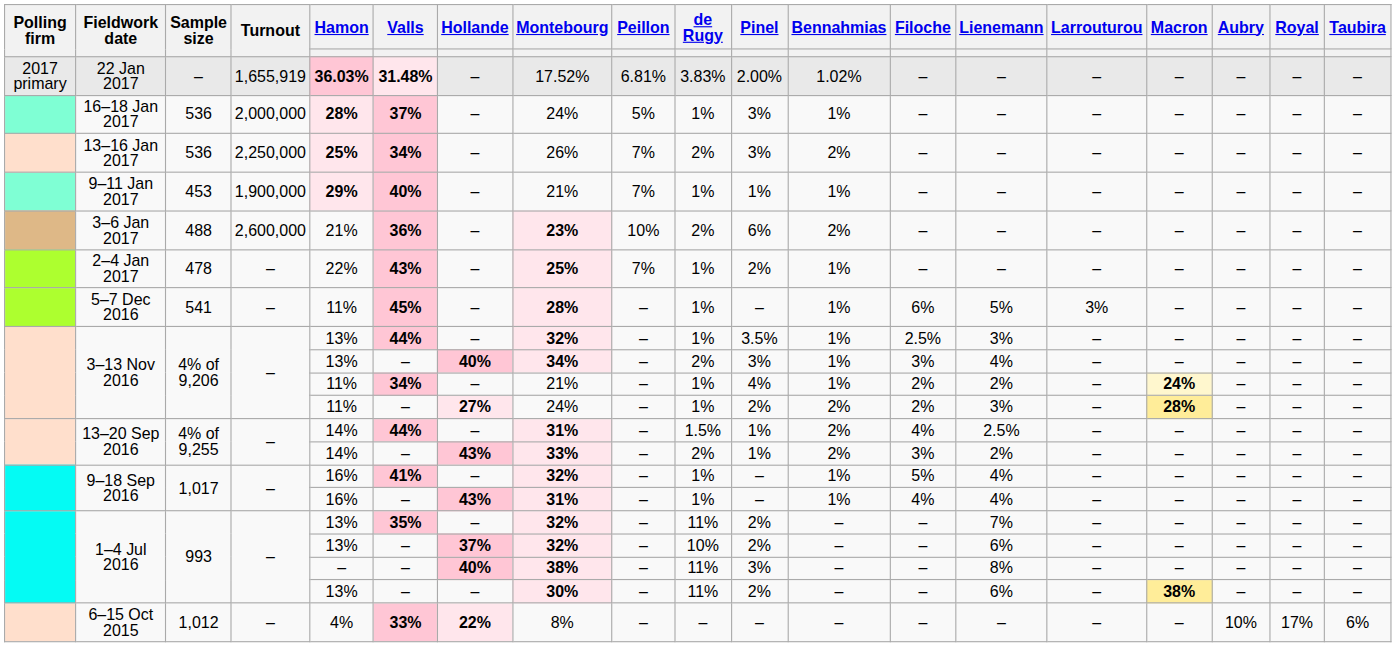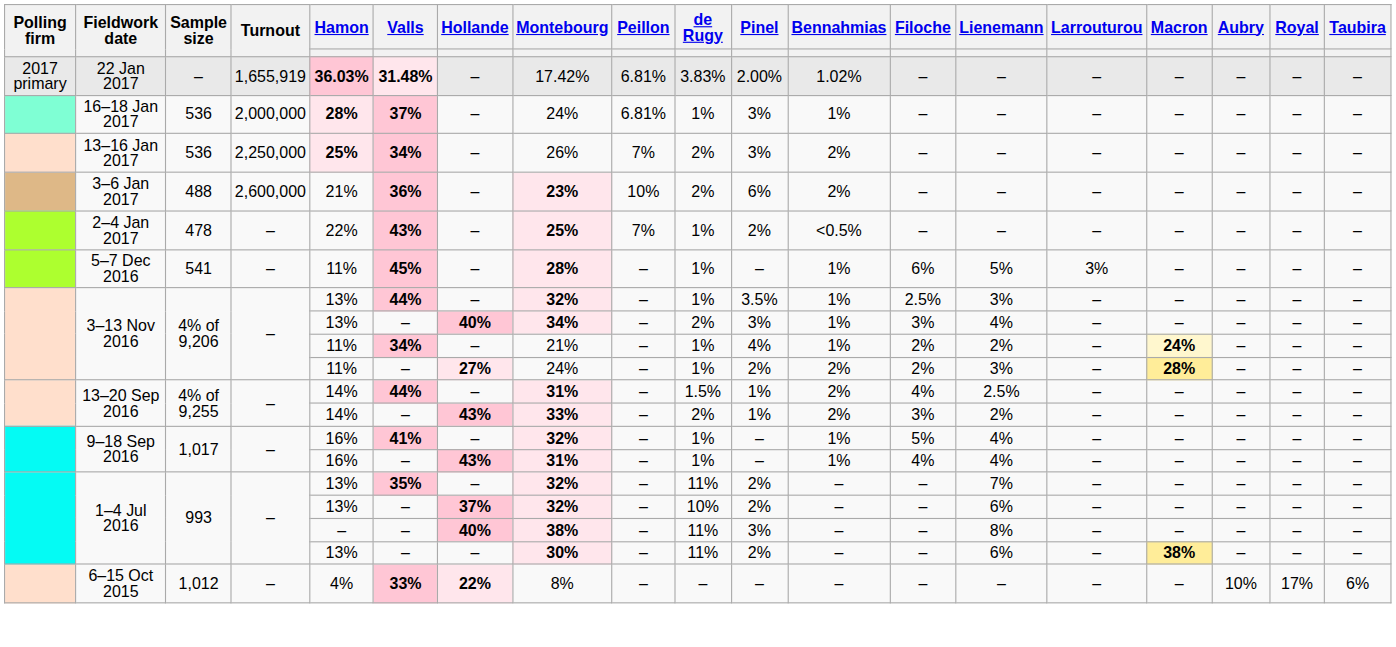 <table class="wikitable sortable" style="text-align:center;font-size:90%;line-height:14px;">
 <tr style="height:40px;">
 <th style="width:100px;" rowspan="2">Polling firm</th>
 <th style="width:110px;" rowspan="2">Fieldwork date</th>
 <th style="width:55px;" rowspan="2">Sample<br>size</th>
 <th style="width:40px;" rowspan="2">Turnout</th>
 <th class="unsortable" style="width:60px;"><a href='#'>Hamon</a><br></th>
 <th class="unsortable" style="width:60px;"><a href='#'>Valls</a><br></th>
 <th class="unsortable" style="width:60px;"><a href='#'>Hollande</a><br></th>
 <th class="unsortable" style="width:60px;"><a href='#'>Montebourg</a><br></th>
 <th class="unsortable" style="width:60px;"><a href='#'>Peillon</a><br></th>
 <th class="unsortable" style="width:60px;"><a href='#'>de Rugy</a><br></th>
 <th class="unsortable" style="width:60px;"><a href='#'>Pinel</a><br></th>
 <th class="unsortable" style="width:60px;"><a href='#'>Bennahmias</a><br></th>
 <th class="unsortable" style="width:60px;"><a href='#'>Filoche</a><br></th>
 <th class="unsortable" style="width:60px;"><a href='#'>Lienemann</a><br></th>
 <th class="unsortable" style="width:60px;"><a href='#'>Larrouturou</a><br></th>
 <th class="unsortable" style="width:60px;"><a href='#'>Macron</a><br></th>
 <th class="unsortable" style="width:60px;"><a href='#'>Aubry</a><br></th>
 <th class="unsortable" style="width:60px;"><a href='#'>Royal</a><br></th>
 <th class="unsortable" style="width:60px;"><a href='#'>Taubira</a><br></th>
 </tr>
 <tr>
 <th style="background:"></th>
 <th style="background:"></th>
 <th style="background:"></th>
 <th style="background:"></th>
 <th style="background:"></th>
 <th style="background:"></th>
 <th style="background:"></th>
 <th style="background:"></th>
 <th style="background:"></th>
 <th style="background:"></th>
 <th style="background:"></th>
 <th style="background:"></th>
 <th style="background:"></th>
 <th style="background:"></th>
 <th style="background:"></th>
 </tr>
 <tr style="background:#E9E9E9;">
 <td>2017 primary</td>
 <td data-sort-value="2017-01-22">22 Jan 2017</td>
 <td>–</td>
 <td>1,655,919</td>
 <td style="background:#FFC6D5;"><strong>36.03%</strong></td>
 <td style="background:#FFE6EC;"><strong>31.48%</strong></td>
 <td>–</td>
-<td>17.52%</td>
+<td>17.42%</td>
 <td>6.81%</td>
 <td>3.83%</td>
 <td>2.00%</td>
 <td>1.02%</td>
 <td>–</td>
 <td>–</td>
 <td>–</td>
 <td>–</td>
 <td>–</td>
 <td>–</td>
 <td>–</td>
 </tr>
 <tr>
 <td style="background:aquamarine;"></td>
 <td data-sort-value="2017-01-18">16–18 Jan 2017</td>
 <td>536</td>
 <td>2,000,000</td>
 <td style="background:#FFE6EC;"><strong>28%</strong></td>
 <td style="background:#FFC6D5;"><strong>37%</strong></td>
 <td>–</td>
 <td>24%</td>
-<td>5%</td>
+<td>6.81%</td>
 <td>1%</td>
 <td>3%</td>
 <td>1%</td>
 <td>–</td>
 <td>–</td>
 <td>–</td>
 <td>–</td>
 <td>–</td>
 <td>–</td>
 <td>–</td>
 </tr>
 <tr>
 <td style="background:#FFDFCC;"></td>
 <td data-sort-value="2017-01-16">13–16 Jan 2017</td>
 <td>536</td>
 <td>2,250,000</td>
 <td style="background:#FFE6EC;"><strong>25%</strong></td>
 <td style="background:#FFC6D5;"><strong>34%</strong></td>
 <td>–</td>
 <td>26%</td>
 <td>7%</td>
 <td>2%</td>
 <td>3%</td>
 <td>2%</td>
-<td>–</td>
-<td>–</td>
-<td>–</td>
-<td>–</td>
-<td>–</td>
-<td>–</td>
-<td>–</td>
-</tr>
-<tr>
-<td style="background:aquamarine;"></td>
-<td data-sort-value="2017-01-11">9–11 Jan 2017</td>
-<td>453</td>
-<td>1,900,000</td>
-<td style="background:#FFE6EC;"><strong>29%</strong></td>
-<td style="background:#FFC6D5;"><strong>40%</strong></td>
-<td>–</td>
-<td>21%</td>
-<td>7%</td>
-<td>1%</td>
-<td>1%</td>
-<td>1%</td>
 <td>–</td>
 <td>–</td>
 <td>–</td>
 <td>–</td>
 <td>–</td>
 <td>–</td>
 <td>–</td>
 </tr>
 <tr>
 <td style="background:burlywood;"></td>
 <td data-sort-value="2017-01-06">3–6 Jan 2017</td>
 <td>488</td>
 <td>2,600,000</td>
 <td>21%</td>
 <td style="background:#FFC6D5;"><strong>36%</strong></td>
 <td>–</td>
 <td style="background:#FFE6EC;"><strong>23%</strong></td>
 <td>10%</td>
 <td>2%</td>
 <td>6%</td>
 <td>2%</td>
 <td>–</td>
 <td>–</td>
 <td>–</td>
 <td>–</td>
 <td>–</td>
 <td>–</td>
 <td>–</td>
 </tr>
 <tr>
 <td style="background:GreenYellow;"> </td>
 <td data-sort-value="2017-01-04">2–4 Jan 2017</td>
 <td>478</td>
 <td>–</td>
 <td>22%</td>
 <td style="background:#FFC6D5;"><strong>43%</strong></td>
 <td>–</td>
 <td style="background:#FFE6EC;"><strong>25%</strong></td>
 <td>7%</td>
 <td>1%</td>
 <td>2%</td>
-<td>1%</td>
+<td data-sort-value="0%"><0.5%</td>
 <td>–</td>
 <td>–</td>
 <td>–</td>
 <td>–</td>
 <td>–</td>
 <td>–</td>
 <td>–</td>
 </tr>
 <tr>
 <td style="background:GreenYellow;"></td>
 <td data-sort-value="2016-12-07">5–7 Dec 2016</td>
 <td>541</td>
 <td>–</td>
 <td>11%</td>
 <td style="background:#FFC6D5;"><strong>45%</strong></td>
 <td>–</td>
 <td style="background:#FFE6EC;"><strong>28%</strong></td>
 <td>–</td>
 <td>1%</td>
 <td>–</td>
 <td>1%</td>
 <td>6%</td>
 <td>5%</td>
 <td>3%</td>
 <td>–</td>
 <td>–</td>
 <td>–</td>
 <td>–</td>
 </tr>
 <tr>
 <td rowspan="4" style="background:#FFDFCC;"></td>
 <td rowspan="4" data-sort-value="2016-11-13">3–13 Nov 2016</td>
 <td rowspan="4" data-sort-value="368">4% of 9,206</td>
 <td rowspan="4">–</td>
 <td>13%</td>
 <td style="background:#FFC6D5;"><strong>44%</strong></td>
 <td>–</td>
 <td style="background:#FFE6EC;"><strong>32%</strong></td>
 <td>–</td>
 <td>1%</td>
 <td>3.5%</td>
 <td>1%</td>
 <td>2.5%</td>
 <td>3%</td>
 <td>–</td>
 <td>–</td>
 <td>–</td>
 <td>–</td>
 <td>–</td>
 </tr>
 <tr>
 <td>13%</td>
 <td>–</td>
 <td style="background:#FFC6D5;"><strong>40%</strong></td>
 <td style="background:#FFE6EC;"><strong>34%</strong></td>
 <td>–</td>
 <td>2%</td>
 <td>3%</td>
 <td>1%</td>
 <td>3%</td>
 <td>4%</td>
 <td>–</td>
 <td>–</td>
 <td>–</td>
 <td>–</td>
 <td>–</td>
 </tr>
 <tr>
 <td>11%</td>
 <td style="background:#FFC6D5;"><strong>34%</strong></td>
 <td>–</td>
 <td>21%</td>
 <td>–</td>
 <td>1%</td>
 <td>4%</td>
 <td>1%</td>
 <td>2%</td>
 <td>2%</td>
 <td>–</td>
 <td style="background:#FFF7CE;"><strong>24%</strong></td>
 <td>–</td>
 <td>–</td>
 <td>–</td>
 </tr>
 <tr>
 <td>11%</td>
 <td>–</td>
 <td style="background:#FFE6EC;"><strong>27%</strong></td>
 <td>24%</td>
 <td>–</td>
 <td>1%</td>
 <td>2%</td>
 <td>2%</td>
 <td>2%</td>
 <td>3%</td>
 <td>–</td>
 <td style="background:#FFED99;"><strong>28%</strong></td>
 <td>–</td>
 <td>–</td>
 <td>–</td>
 </tr>
 <tr>
 <td rowspan="2" style="background:#FFDFCC;"></td>
 <td rowspan="2" data-sort-value="2016-09-20">13–20 Sep 2016</td>
 <td rowspan="2" data-sort-value="370">4% of 9,255</td>
 <td rowspan="2">–</td>
 <td>14%</td>
 <td style="background:#FFC6D5;"><strong>44%</strong></td>
 <td>–</td>
 <td style="background:#FFE6EC;"><strong>31%</strong></td>
 <td>–</td>
 <td>1.5%</td>
 <td>1%</td>
 <td>2%</td>
 <td>4%</td>
 <td>2.5%</td>
 <td>–</td>
 <td>–</td>
 <td>–</td>
 <td>–</td>
 <td>–</td>
 </tr>
 <tr>
 <td>14%</td>
 <td>–</td>
 <td style="background:#FFC6D5;"><strong>43%</strong></td>
 <td style="background:#FFE6EC;"><strong>33%</strong></td>
 <td>–</td>
 <td>2%</td>
 <td>1%</td>
 <td>2%</td>
 <td>3%</td>
 <td>2%</td>
 <td>–</td>
 <td>–</td>
 <td>–</td>
 <td>–</td>
 <td>–</td>
 </tr>
 <tr>
 <td rowspan="2" style="background:#04FBF4;"></td>
 <td rowspan="2" data-sort-value="2016-09-18">9–18 Sep 2016</td>
 <td rowspan="2">1,017</td>
 <td rowspan="2">–</td>
 <td>16%</td>
 <td style="background:#FFC6D5;"><strong>41%</strong></td>
 <td>–</td>
 <td style="background:#FFE6EC;"><strong>32%</strong></td>
 <td>–</td>
 <td>1%</td>
 <td>–</td>
 <td>1%</td>
 <td>5%</td>
 <td>4%</td>
 <td>–</td>
 <td>–</td>
 <td>–</td>
 <td>–</td>
 <td>–</td>
 </tr>
 <tr>
 <td>16%</td>
 <td>–</td>
 <td style="background:#FFC6D5;"><strong>43%</strong></td>
 <td style="background:#FFE6EC;"><strong>31%</strong></td>
 <td>–</td>
 <td>1%</td>
 <td>–</td>
 <td>1%</td>
 <td>4%</td>
 <td>4%</td>
 <td>–</td>
 <td>–</td>
 <td>–</td>
 <td>–</td>
 <td>–</td>
 </tr>
 <tr>
 <td rowspan="4" style="background:#04FBF4;"></td>
 <td rowspan="4" data-sort-value="2016-07-04">1–4 Jul 2016</td>
 <td rowspan="4">993</td>
 <td rowspan="4">–</td>
 <td>13%</td>
 <td style="background:#FFC6D5;"><strong>35%</strong></td>
 <td>–</td>
 <td style="background:#FFE6EC;"><strong>32%</strong></td>
 <td>–</td>
 <td>11%</td>
 <td>2%</td>
 <td>–</td>
 <td>–</td>
 <td>7%</td>
 <td>–</td>
 <td>–</td>
 <td>–</td>
 <td>–</td>
 <td>–</td>
 </tr>
 <tr>
 <td>13%</td>
 <td>–</td>
 <td style="background:#FFC6D5;"><strong>37%</strong></td>
 <td style="background:#FFE6EC;"><strong>32%</strong></td>
 <td>–</td>
 <td>10%</td>
 <td>2%</td>
 <td>–</td>
 <td>–</td>
 <td>6%</td>
 <td>–</td>
 <td>–</td>
 <td>–</td>
 <td>–</td>
 <td>–</td>
 </tr>
 <tr>
 <td>–</td>
 <td>–</td>
 <td style="background:#FFC6D5;"><strong>40%</strong></td>
 <td style="background:#FFE6EC;"><strong>38%</strong></td>
 <td>–</td>
 <td>11%</td>
 <td>3%</td>
 <td>–</td>
 <td>–</td>
 <td>8%</td>
 <td>–</td>
 <td>–</td>
 <td>–</td>
 <td>–</td>
 <td>–</td>
 </tr>
 <tr>
 <td>13%</td>
 <td>–</td>
 <td>–</td>
 <td style="background:#FFE6EC;"><strong>30%</strong></td>
 <td>–</td>
 <td>11%</td>
 <td>2%</td>
 <td>–</td>
 <td>–</td>
 <td>6%</td>
 <td>–</td>
 <td style="background:#FFED99;"><strong>38%</strong></td>
 <td>–</td>
 <td>–</td>
 <td>–</td>
 </tr>
 <tr>
 <td style="background:#FFDFCC;"></td>
 <td data-sort-value="2015-10-15">6–15 Oct 2015</td>
 <td>1,012</td>
 <td>–</td>
 <td>4%</td>
 <td style="background:#FFC6D5;"><strong>33%</strong></td>
 <td style="background:#FFE6EC;"><strong>22%</strong></td>
 <td>8%</td>
 <td>–</td>
 <td>–</td>
 <td>–</td>
 <td>–</td>
 <td>–</td>
 <td>–</td>
 <td>–</td>
 <td>–</td>
 <td>10%</td>
 <td>17%</td>
 <td>6%</td>
 </tr>
 </table>
